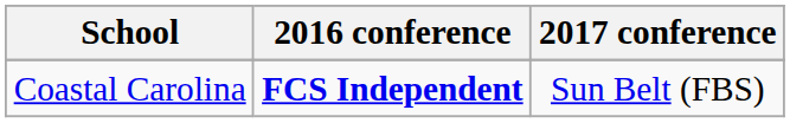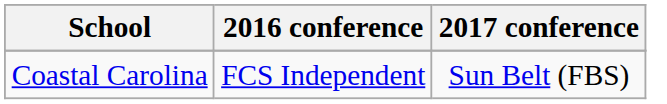 <table class="wikitable sortable">
 <tr>
 <th>School</th>
 <th>2016 conference</th>
 <th>2017 conference</th>
 </tr>
 <tr>
 </tr>
 <tr style="text-align:center;">
 <td><a href='#'>Coastal Carolina</a></td>
-<td><strong><a href='#'>FCS Independent</a></strong></td>
+<td><a href='#'>FCS Independent</a></td>
 <td><a href='#'>Sun Belt</a> (FBS)</td>
 </tr>
 </table>
